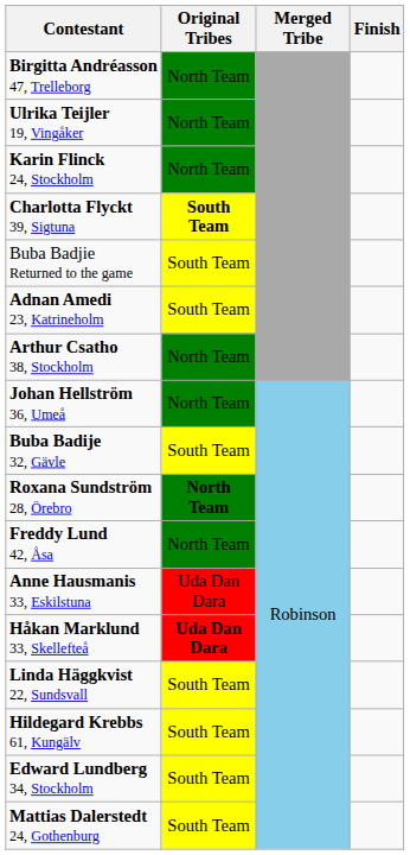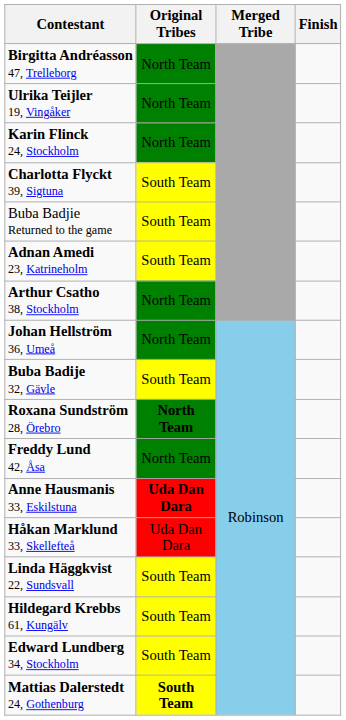 <table class="wikitable sortable" style="margin:auto; text-align:center">
 <tr>
 <th>Contestant</th>
 <th width=80>Original<br>Tribes</th>
 <th width=80>Merged<br>Tribe</th>
 <th>Finish</th>
 </tr>
 <tr>
 <td align="left"><strong>Birgitta Andréasson</strong><br><small>47, <a href='#'>Trelleborg</a></small></td>
 <td bgcolor="green" align=center>North Team</td>
 <td bgcolor="darkgray" rowspan="7"></td>
 <td></td>
 </tr>
 <tr>
 <td align="left"><strong>Ulrika Teijler</strong><br><small>19, <a href='#'>Vingåker</a></small></td>
 <td bgcolor="green" align=center>North Team</td>
 <td></td>
 </tr>
 <tr>
 <td align="left"><strong>Karin Flinck</strong><br><small>24, <a href='#'>Stockholm</a></small></td>
 <td bgcolor="green" align=center>North Team</td>
 <td></td>
 </tr>
 <tr>
 <td align="left"><strong>Charlotta Flyckt</strong><br><small>39, <a href='#'>Sigtuna</a></small></td>
-<td align="center" bgcolor="yellow"><strong>South Team</strong></td>
+<td align="center" bgcolor="yellow">South Team</td>
 <td></td>
 </tr>
 <tr>
 <td align="left">Buba Badjie<br><small>Returned to the game</small></td>
 <td align="center" bgcolor="yellow">South Team</td>
 <td></td>
 </tr>
 <tr>
 <td align="left"><strong>Adnan Amedi</strong><br><small>23, <a href='#'>Katrineholm</a></small></td>
 <td align="center" bgcolor="yellow">South Team</td>
 <td></td>
 </tr>
 <tr>
 <td align="left"><strong>Arthur Csatho</strong><br><small>38, <a href='#'>Stockholm</a></small></td>
 <td bgcolor="green" align=center>North Team</td>
 <td></td>
 </tr>
 <tr>
 <td align="left"><strong>Johan Hellström</strong><br><small>36, <a href='#'>Umeå</a></small></td>
 <td bgcolor="green" align=center>North Team</td>
 <td bgcolor="skyblue" align=center rowspan=10>Robinson</td>
 <td></td>
 </tr>
 <tr>
 <td align="left"><strong>Buba Badije</strong><br><small>32, <a href='#'>Gävle</a></small></td>
 <td align="center" bgcolor="yellow">South Team</td>
 <td></td>
 </tr>
 <tr>
 <td align="left"><strong>Roxana Sundström</strong><br><small>28, <a href='#'>Örebro</a></small></td>
 <td bgcolor="green" align=center><strong>North Team</strong></td>
 <td></td>
 </tr>
 <tr>
 <td align="left"><strong>Freddy Lund</strong><br><small>42, <a href='#'>Åsa</a></small></td>
 <td bgcolor="green" align=center>North Team</td>
 <td></td>
 </tr>
 <tr>
 <td align="left"><strong>Anne Hausmanis</strong><br><small>33, <a href='#'>Eskilstuna</a></small></td>
-<td bgcolor="red" align=center><span>Uda Dan Dara</span></td>
+<td bgcolor="red" align=center><strong><span>Uda Dan Dara</span></strong></td>
 <td></td>
 </tr>
 <tr>
 <td align="left"><strong>Håkan Marklund</strong><br><small>33, <a href='#'>Skellefteå</a></small></td>
-<td bgcolor="red" align=center><strong><span>Uda Dan Dara</span></strong></td>
+<td bgcolor="red" align=center><span>Uda Dan Dara</span></td>
 <td></td>
 </tr>
 <tr>
 <td align="left"><strong>Linda Häggkvist</strong><br><small>22, <a href='#'>Sundsvall</a></small></td>
 <td align="center" bgcolor="yellow">South Team</td>
 <td></td>
 </tr>
 <tr>
 <td align="left"><strong>Hildegard Krebbs</strong><br><small>61, <a href='#'>Kungälv</a></small></td>
 <td align="center" bgcolor="yellow">South Team</td>
 <td></td>
 </tr>
 <tr>
 <td align="left"><strong>Edward Lundberg</strong><br><small>34, <a href='#'>Stockholm</a></small></td>
 <td align="center" bgcolor="yellow">South Team</td>
 <td></td>
 </tr>
 <tr>
 <td align="left"><strong>Mattias Dalerstedt</strong><br><small>24, <a href='#'>Gothenburg</a></small></td>
-<td align="center" bgcolor="yellow">South Team</td>
+<td align="center" bgcolor="yellow"><strong>South Team</strong></td>
 <td></td>
 </tr>
 </table>
